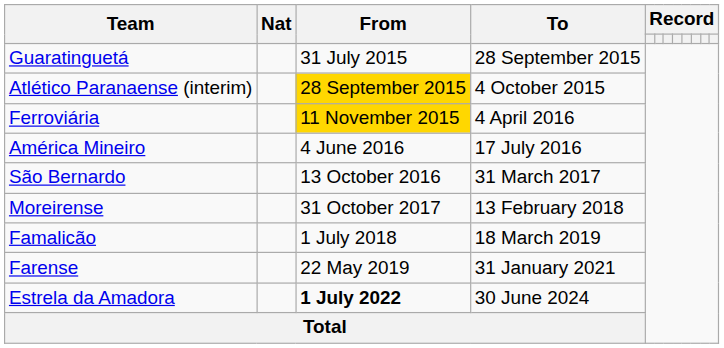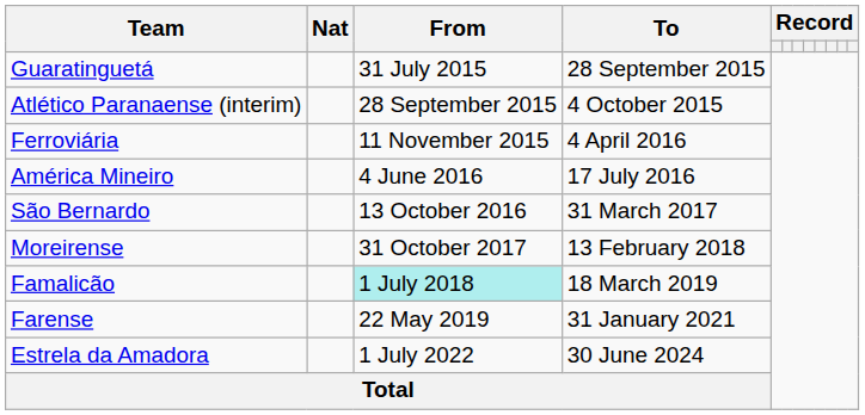 <table class="wikitable" style="text-align: center">
 <tr>
 <th rowspan="2">Team</th>
 <th rowspan="2">Nat</th>
 <th rowspan="2">From</th>
 <th rowspan="2">To</th>
 <th colspan="8">Record</th>
 </tr>
 <tr>
 <th></th>
 <th></th>
 <th></th>
 <th></th>
 <th></th>
 <th></th>
 <th></th>
 <th></th>
 </tr>
 <tr>
 <td align=left><a href='#'>Guaratinguetá</a></td>
 <td></td>
 <td align=left>31 July 2015</td>
 <td align=left>28 September 2015<br></td>
 </tr>
 <tr>
 <td align=left><a href='#'>Atlético Paranaense</a> (interim)</td>
 <td></td>
-<td align=left style="background: gold;">28 September 2015</td>
+<td align=left>28 September 2015</td>
 <td align=left>4 October 2015<br></td>
 </tr>
 <tr>
 <td align=left><a href='#'>Ferroviária</a></td>
 <td></td>
-<td align=left style="background: gold;">11 November 2015</td>
+<td align=left>11 November 2015</td>
 <td align=left>4 April 2016<br></td>
 </tr>
 <tr>
 <td align=left><a href='#'>América Mineiro</a></td>
 <td></td>
 <td align=left>4 June 2016</td>
 <td align=left>17 July 2016<br></td>
 </tr>
 <tr>
 <td align=left><a href='#'>São Bernardo</a></td>
 <td></td>
 <td align=left>13 October 2016</td>
 <td align=left>31 March 2017<br></td>
 </tr>
 <tr>
 <td align=left><a href='#'>Moreirense</a></td>
 <td></td>
 <td align=left>31 October 2017</td>
 <td align=left>13 February 2018<br></td>
 </tr>
 <tr>
 <td align=left><a href='#'>Famalicão</a></td>
 <td></td>
-<td align=left>1 July 2018</td>
+<td align=left style="background: paleturquoise;">1 July 2018</td>
 <td align=left>18 March 2019<br></td>
 </tr>
 <tr>
 <td align=left><a href='#'>Farense</a></td>
 <td></td>
 <td align=left>22 May 2019</td>
 <td align=left>31 January 2021<br></td>
 </tr>
 <tr>
 <td align=left><a href='#'>Estrela da Amadora</a></td>
 <td></td>
-<td align=left><strong>1 July 2022</strong></td>
+<td align=left>1 July 2022</td>
 <td align=left>30 June 2024<br></td>
 </tr>
 <tr>
 <th colspan="4">Total<br></th>
 </tr>
 </table>
